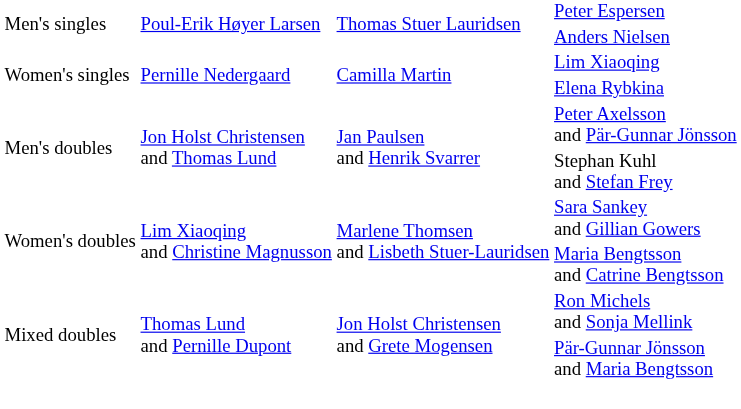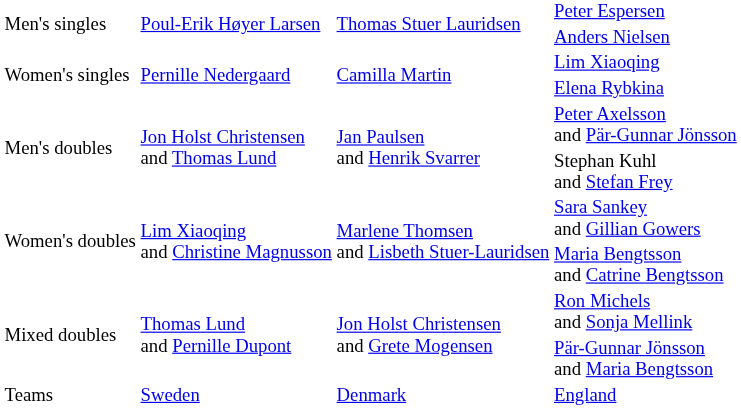 <table>
 <tr>
 <td rowspan=2>Men's singles</td>
 <td rowspan=2> <a href='#'>Poul-Erik Høyer Larsen</a></td>
 <td rowspan=2> <a href='#'>Thomas Stuer Lauridsen</a></td>
 <td> <a href='#'>Peter Espersen</a></td>
 </tr>
 <tr>
 <td> <a href='#'>Anders Nielsen</a></td>
 </tr>
 <tr>
 <td rowspan=2>Women's singles</td>
 <td rowspan=2> <a href='#'>Pernille Nedergaard</a></td>
 <td rowspan=2> <a href='#'>Camilla Martin</a></td>
 <td> <a href='#'>Lim Xiaoqing</a></td>
 </tr>
 <tr>
 <td> <a href='#'>Elena Rybkina</a></td>
 </tr>
 <tr>
 <td rowspan=2>Men's doubles</td>
 <td rowspan=2> <a href='#'>Jon Holst Christensen</a><br>and <a href='#'>Thomas Lund</a></td>
 <td rowspan=2> <a href='#'>Jan Paulsen</a><br>and <a href='#'>Henrik Svarrer</a></td>
 <td> <a href='#'>Peter Axelsson</a><br>and <a href='#'>Pär-Gunnar Jönsson</a></td>
 </tr>
 <tr>
 <td> Stephan Kuhl<br>and <a href='#'>Stefan Frey</a></td>
 </tr>
 <tr>
 <td rowspan=2>Women's doubles</td>
 <td rowspan=2> <a href='#'>Lim Xiaoqing</a><br>and <a href='#'>Christine Magnusson</a></td>
 <td rowspan=2> <a href='#'>Marlene Thomsen</a><br>and <a href='#'>Lisbeth Stuer-Lauridsen</a></td>
 <td> <a href='#'>Sara Sankey</a><br>and <a href='#'>Gillian Gowers</a></td>
 </tr>
 <tr>
 <td> <a href='#'>Maria Bengtsson</a><br> and <a href='#'>Catrine Bengtsson</a></td>
 </tr>
 <tr>
 <td rowspan=2>Mixed doubles</td>
 <td rowspan=2> <a href='#'>Thomas Lund</a><br> and <a href='#'>Pernille Dupont</a></td>
 <td rowspan=2> <a href='#'>Jon Holst Christensen</a><br> and <a href='#'>Grete Mogensen</a></td>
 <td> <a href='#'>Ron Michels</a><br>and <a href='#'>Sonja Mellink</a></td>
 </tr>
 <tr>
 <td> <a href='#'>Pär-Gunnar Jönsson</a><br>and <a href='#'>Maria Bengtsson</a></td>
 </tr>
+<tr>
+<td>Teams</td>
+<td> <a href='#'>Sweden</a></td>
+<td> <a href='#'>Denmark</a></td>
+<td> <a href='#'>England</a></td>
+</tr>
 </table>
